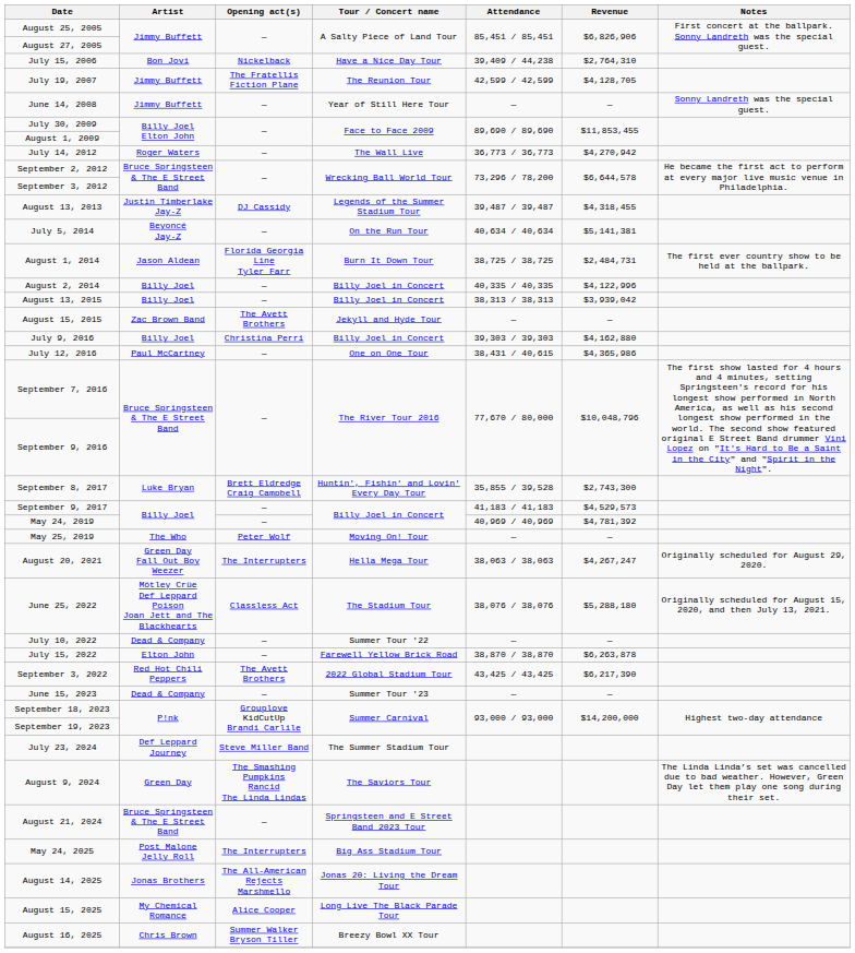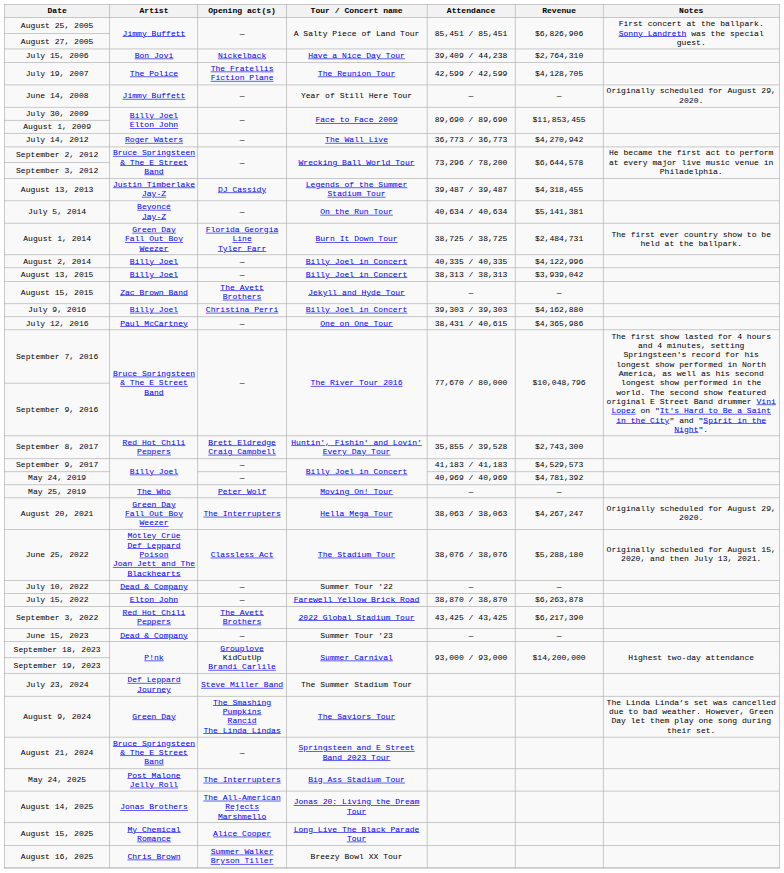 <table class="wikitable" style="text-align:center;">
 <tr>
 <th width=12% style="text-align:center;">Date</th>
 <th width=10% style="text-align:center;">Artist</th>
 <th width=10% style="text-align:center;">Opening act(s)</th>
 <th width=16% style="text-align:center;">Tour / Concert name</th>
 <th width=10% style="text-align:center;">Attendance</th>
 <th width=10% style="text-align:center;">Revenue</th>
 <th width=20% style="text-align:center;">Notes</th>
 </tr>
 <tr>
 <td>August 25, 2005</td>
 <td rowspan=2><a href='#'>Jimmy Buffett</a></td>
 <td rowspan=2>—</td>
 <td rowspan=2>A Salty Piece of Land Tour</td>
 <td rowspan=2>85,451 / 85,451</td>
 <td rowspan=2>$6,826,906</td>
 <td rowspan=2>First concert at the ballpark. <a href='#'>Sonny Landreth</a> was the special guest.</td>
 </tr>
 <tr>
 <td>August 27, 2005</td>
 </tr>
 <tr>
 <td>July 15, 2006</td>
 <td><a href='#'>Bon Jovi</a></td>
 <td><a href='#'>Nickelback</a></td>
 <td><a href='#'>Have a Nice Day Tour</a></td>
 <td>39,409 / 44,238</td>
 <td>$2,764,310</td>
 <td></td>
 </tr>
 <tr>
 <td>July 19, 2007</td>
-<td><a href='#'>Jimmy Buffett</a></td>
+<td><a href='#'>The Police</a></td>
 <td><a href='#'>The Fratellis</a><br><a href='#'>Fiction Plane</a></td>
 <td><a href='#'>The Reunion Tour</a></td>
 <td>42,599 / 42,599</td>
 <td>$4,128,705</td>
 <td></td>
 </tr>
 <tr>
 <td>June 14, 2008</td>
 <td><a href='#'>Jimmy Buffett</a></td>
 <td>—</td>
 <td>Year of Still Here Tour</td>
 <td>—</td>
 <td>—</td>
-<td><a href='#'>Sonny Landreth</a> was the special guest.</td>
+<td>Originally scheduled for August 29, 2020.</td>
 </tr>
 <tr>
 <td>July 30, 2009</td>
 <td rowspan=2><a href='#'>Billy Joel</a><br><a href='#'>Elton John</a></td>
 <td rowspan=2>—</td>
 <td rowspan=2><a href='#'>Face to Face 2009</a></td>
 <td rowspan=2>89,690 / 89,690</td>
 <td rowspan=2>$11,853,455</td>
 <td rowspan=2></td>
 </tr>
 <tr>
 <td>August 1, 2009</td>
 </tr>
 <tr>
 <td>July 14, 2012</td>
 <td><a href='#'>Roger Waters</a></td>
 <td>—</td>
 <td><a href='#'>The Wall Live</a></td>
 <td>36,773 / 36,773</td>
 <td>$4,270,942</td>
 <td></td>
 </tr>
 <tr>
 <td>September 2, 2012</td>
 <td rowspan=2><a href='#'>Bruce Springsteen & The E Street Band</a></td>
 <td rowspan=2>—</td>
 <td rowspan=2><a href='#'>Wrecking Ball World Tour</a></td>
 <td rowspan=2>73,296 / 78,200</td>
 <td rowspan=2>$6,644,578</td>
 <td rowspan=2>He became the first act to perform at every major live music venue in Philadelphia.</td>
 </tr>
 <tr>
 <td>September 3, 2012</td>
 </tr>
 <tr>
 <td>August 13, 2013</td>
 <td><a href='#'>Justin Timberlake</a><br><a href='#'>Jay-Z</a></td>
 <td><a href='#'>DJ Cassidy</a></td>
 <td><a href='#'>Legends of the Summer Stadium Tour</a></td>
 <td>39,487 / 39,487</td>
 <td>$4,318,455</td>
 <td></td>
 </tr>
 <tr>
 <td>July 5, 2014</td>
 <td><a href='#'>Beyoncé</a><br><a href='#'>Jay-Z</a></td>
 <td>—</td>
 <td><a href='#'>On the Run Tour</a></td>
 <td>40,634 / 40,634</td>
 <td>$5,141,381</td>
 <td></td>
 </tr>
 <tr>
 <td>August 1, 2014</td>
-<td><a href='#'>Jason Aldean</a></td>
+<td><a href='#'>Green Day</a><br><a href='#'>Fall Out Boy</a><br><a href='#'>Weezer</a></td>
 <td><a href='#'>Florida Georgia Line</a><br><a href='#'>Tyler Farr</a></td>
 <td><a href='#'>Burn It Down Tour</a></td>
 <td>38,725 / 38,725</td>
 <td>$2,484,731</td>
 <td>The first ever country show to be held at the ballpark.</td>
 </tr>
 <tr>
 <td>August 2, 2014</td>
 <td><a href='#'>Billy Joel</a></td>
 <td>—</td>
 <td><a href='#'>Billy Joel in Concert</a></td>
 <td>40,335 / 40,335</td>
 <td>$4,122,996</td>
 <td></td>
 </tr>
 <tr>
 <td>August 13, 2015</td>
 <td><a href='#'>Billy Joel</a></td>
 <td>—</td>
 <td><a href='#'>Billy Joel in Concert</a></td>
 <td>38,313 / 38,313</td>
 <td>$3,939,042</td>
 <td></td>
 </tr>
 <tr>
 <td>August 15, 2015</td>
 <td><a href='#'>Zac Brown Band</a></td>
 <td><a href='#'>The Avett Brothers</a></td>
 <td><a href='#'>Jekyll and Hyde Tour</a></td>
 <td>—</td>
 <td>—</td>
 <td></td>
 </tr>
 <tr>
 <td>July 9, 2016</td>
 <td><a href='#'>Billy Joel</a></td>
 <td><a href='#'>Christina Perri</a></td>
 <td><a href='#'>Billy Joel in Concert</a></td>
 <td>39,303 / 39,303</td>
 <td>$4,162,880</td>
 <td></td>
 </tr>
 <tr>
 <td>July 12, 2016</td>
 <td><a href='#'>Paul McCartney</a></td>
 <td>—</td>
 <td><a href='#'>One on One Tour</a></td>
 <td>38,431 / 40,615</td>
 <td>$4,365,986</td>
 <td></td>
 </tr>
 <tr>
 <td>September 7, 2016</td>
 <td rowspan=2><a href='#'>Bruce Springsteen & The E Street Band</a></td>
 <td rowspan=2>—</td>
 <td rowspan=2><a href='#'>The River Tour 2016</a></td>
 <td rowspan=2>77,670 / 80,000</td>
 <td rowspan=2>$10,048,796</td>
 <td rowspan=2>The first show lasted for 4 hours and 4 minutes, setting Springsteen's record for his longest show performed in North America, as well as his second longest show performed in the world. The second show featured original E Street Band drummer <a href='#'>Vini Lopez</a> on "<a href='#'>It's Hard to Be a Saint in the City</a>" and "<a href='#'>Spirit in the Night</a>".</td>
 </tr>
 <tr>
 <td>September 9, 2016</td>
 </tr>
 <tr>
 <td>September 8, 2017</td>
-<td><a href='#'>Luke Bryan</a></td>
+<td><a href='#'>Red Hot Chili Peppers</a></td>
 <td><a href='#'>Brett Eldredge</a><br><a href='#'>Craig Campbell</a></td>
 <td><a href='#'>Huntin', Fishin' and Lovin' Every Day Tour</a></td>
 <td>35,855 / 39,528</td>
 <td>$2,743,300</td>
 <td></td>
 </tr>
 <tr>
 <td>September 9, 2017</td>
 <td rowspan="2"><a href='#'>Billy Joel</a></td>
 <td>—</td>
 <td rowspan="2"><a href='#'>Billy Joel in Concert</a></td>
 <td>41,183 / 41,183</td>
 <td>$4,529,573</td>
 <td></td>
 </tr>
 <tr>
 <td>May 24, 2019</td>
 <td>—</td>
 <td>40,969 / 40,969</td>
 <td>$4,781,392</td>
 <td></td>
 </tr>
 <tr>
 <td>May 25, 2019</td>
 <td><a href='#'>The Who</a></td>
 <td><a href='#'>Peter Wolf</a></td>
 <td><a href='#'>Moving On! Tour</a></td>
 <td>—</td>
 <td>—</td>
 <td></td>
 </tr>
 <tr>
 <td>August 20, 2021</td>
 <td><a href='#'>Green Day</a><br><a href='#'>Fall Out Boy</a><br><a href='#'>Weezer</a></td>
 <td><a href='#'>The Interrupters</a></td>
 <td><a href='#'>Hella Mega Tour</a></td>
 <td>38,063 / 38,063</td>
 <td>$4,267,247</td>
 <td>Originally scheduled for August 29, 2020.</td>
 </tr>
 <tr>
 <td>June 25, 2022</td>
 <td><a href='#'>Mötley Crüe</a><br><a href='#'>Def Leppard</a><br><a href='#'>Poison</a><br><a href='#'>Joan Jett and The Blackhearts</a></td>
 <td><a href='#'>Classless Act</a></td>
 <td><a href='#'>The Stadium Tour</a></td>
 <td>38,076 / 38,076</td>
 <td>$5,288,180</td>
 <td>Originally scheduled for August 15, 2020, and then July 13, 2021.</td>
 </tr>
 <tr>
 <td>July 10, 2022</td>
 <td><a href='#'>Dead & Company</a></td>
 <td>—</td>
 <td>Summer Tour '22</td>
 <td>—</td>
 <td>—</td>
 <td></td>
 </tr>
 <tr>
 <td>July 15, 2022</td>
 <td><a href='#'>Elton John</a></td>
 <td>—</td>
 <td><a href='#'>Farewell Yellow Brick Road</a></td>
 <td>38,870 / 38,870</td>
 <td>$6,263,878</td>
 <td></td>
 </tr>
 <tr>
 <td>September 3, 2022</td>
 <td><a href='#'>Red Hot Chili Peppers</a></td>
 <td><a href='#'>The Avett Brothers</a></td>
 <td><a href='#'>2022 Global Stadium Tour</a></td>
 <td>43,425 / 43,425</td>
 <td>$6,217,390</td>
 <td></td>
 </tr>
 <tr>
 <td>June 15, 2023</td>
 <td><a href='#'>Dead & Company</a></td>
 <td>—</td>
 <td>Summer Tour '23</td>
 <td>—</td>
 <td>—</td>
 <td></td>
 </tr>
 <tr>
 <td>September 18, 2023</td>
 <td rowspan="2"><a href='#'>P!nk</a></td>
 <td rowspan="2"><a href='#'>Grouplove</a><br>KidCutUp<br><a href='#'>Brandi Carlile</a></td>
 <td rowspan="2"><a href='#'>Summer Carnival</a></td>
 <td rowspan="2">93,000 / 93,000</td>
 <td rowspan="2">$14,200,000</td>
 <td rowspan="2">Highest two-day attendance</td>
 </tr>
 <tr>
 <td>September 19, 2023</td>
 </tr>
 <tr>
 <td>July 23, 2024</td>
 <td><a href='#'>Def Leppard</a><br><a href='#'>Journey</a></td>
 <td><a href='#'>Steve Miller Band</a></td>
 <td>The Summer Stadium Tour</td>
 <td></td>
 <td></td>
 <td></td>
 </tr>
 <tr>
 <td>August 9, 2024</td>
 <td><a href='#'>Green Day</a></td>
 <td><a href='#'>The Smashing Pumpkins</a><br><a href='#'>Rancid</a><br><a href='#'>The Linda Lindas</a></td>
 <td><a href='#'>The Saviors Tour</a></td>
 <td></td>
 <td></td>
 <td>The Linda Linda’s set was cancelled due to bad weather. However, Green Day let them play one song during their set.</td>
 </tr>
 <tr>
 <td>August 21, 2024</td>
 <td><a href='#'>Bruce Springsteen & The E Street Band</a></td>
 <td>—</td>
 <td><a href='#'>Springsteen and E Street Band 2023 Tour</a></td>
 <td></td>
 <td></td>
 <td></td>
 </tr>
 <tr>
 <td>May 24, 2025</td>
 <td><a href='#'>Post Malone</a><br><a href='#'>Jelly Roll</a></td>
 <td><a href='#'>The Interrupters</a></td>
 <td><a href='#'>Big Ass Stadium Tour</a></td>
 <td></td>
 <td></td>
 <td></td>
 </tr>
 <tr>
 <td>August 14, 2025</td>
 <td><a href='#'>Jonas Brothers</a></td>
 <td><a href='#'>The All-American Rejects</a><br><a href='#'>Marshmello</a></td>
 <td><a href='#'>Jonas 20: Living the Dream Tour</a></td>
 <td></td>
 <td></td>
 <td></td>
 </tr>
 <tr>
 <td>August 15, 2025</td>
 <td><a href='#'>My Chemical Romance</a></td>
 <td><a href='#'>Alice Cooper</a></td>
 <td><a href='#'>Long Live The Black Parade Tour</a></td>
 <td></td>
 <td></td>
 <td></td>
 </tr>
 <tr>
 <td>August 16, 2025</td>
 <td><a href='#'>Chris Brown</a></td>
 <td><a href='#'>Summer Walker</a><br><a href='#'>Bryson Tiller</a></td>
 <td>Breezy Bowl XX Tour</td>
 <td></td>
 <td></td>
 <td></td>
 </tr>
 <tr>
 </tr>
 </table>
